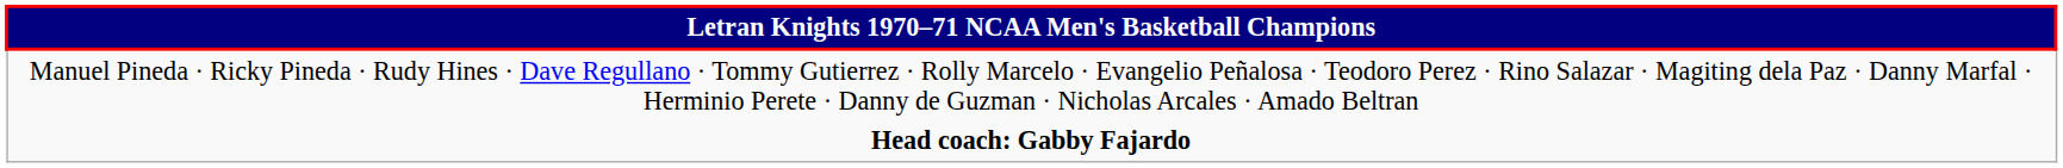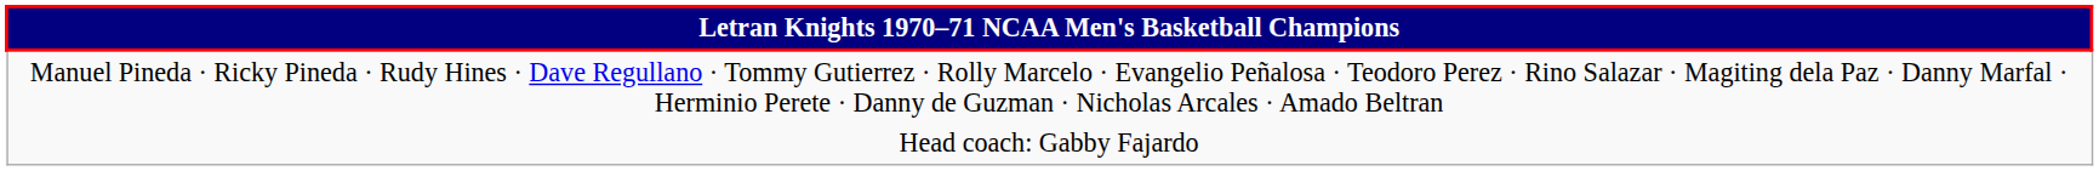 <table class="wikitable" style="text-align: center">
 <tr>
 <th style = "background:#020080; border:2px solid red; color:white">Letran Knights 1970–71 NCAA Men's Basketball Champions</th>
 </tr>
 <tr>
 <td style="border-style: none none none none;">Manuel Pineda · Ricky Pineda · Rudy Hines · <a href='#'>Dave Regullano</a> · Tommy Gutierrez · Rolly Marcelo · Evangelio Peñalosa · Teodoro Perez · Rino Salazar · Magiting dela Paz · Danny Marfal · Herminio Perete · Danny de Guzman · Nicholas Arcales · Amado Beltran</td>
 </tr>
 <tr>
-<td style="border-style: none none none none;"><strong>Head coach: Gabby Fajardo</strong></td>
+<td style="border-style: none none none none;">Head coach: Gabby Fajardo</td>
 </tr>
 </table>
